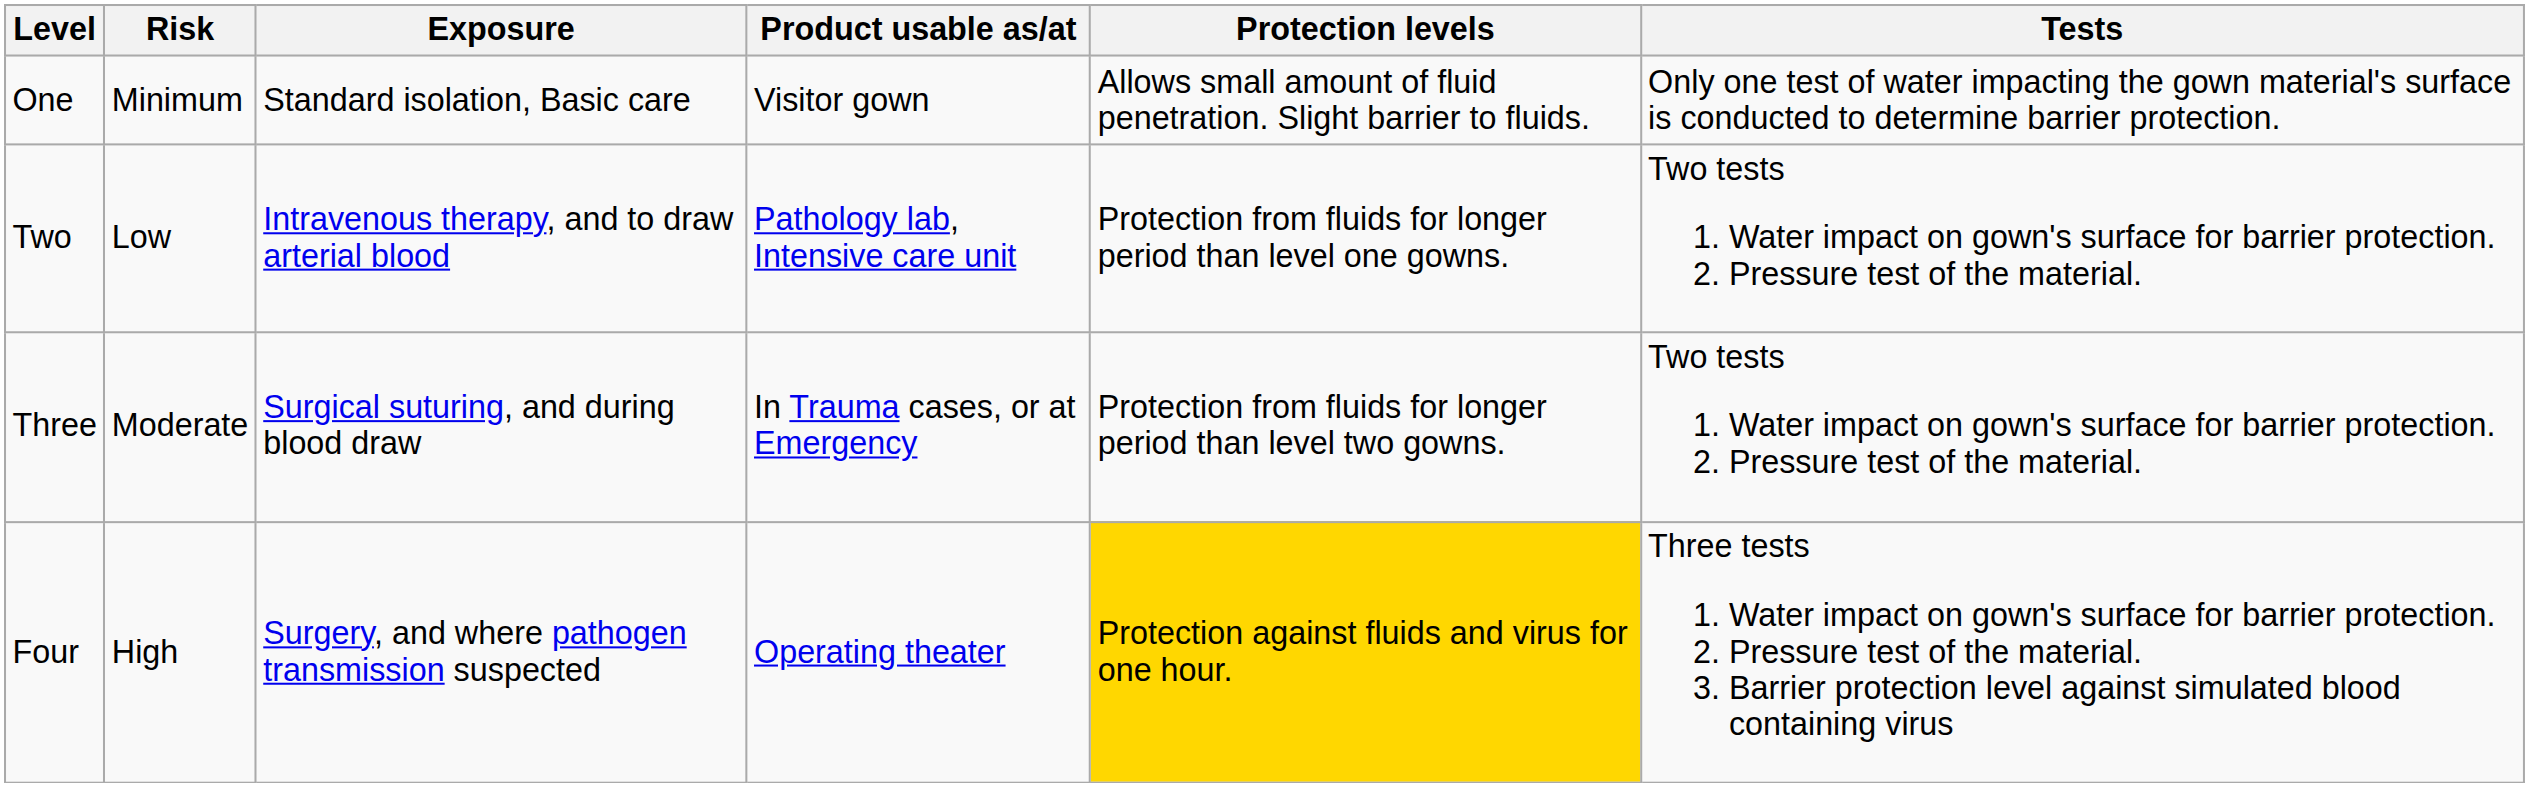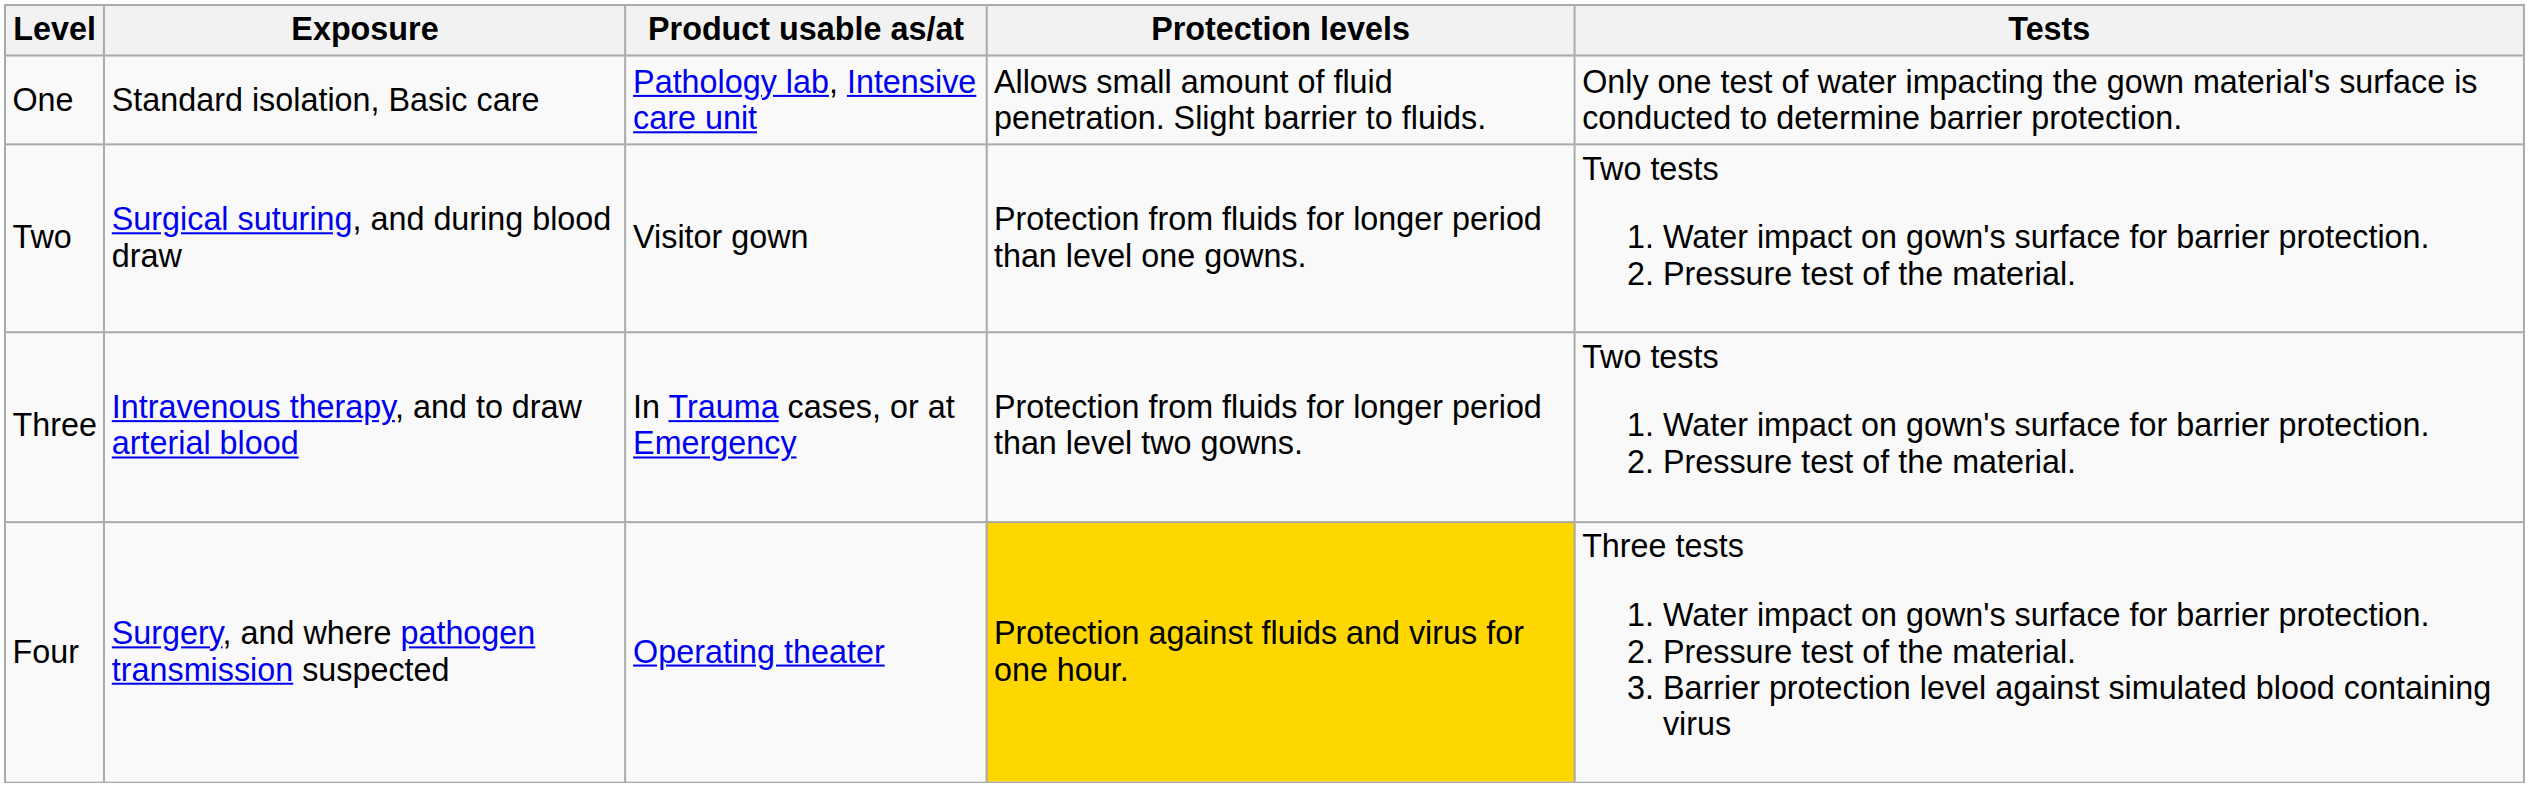 <table class="wikitable">
 <tr>
 <th>Level</th>
-<th>Risk</th>
 <th>Exposure</th>
 <th>Product usable as/at</th>
 <th>Protection levels</th>
 <th>Tests</th>
 </tr>
 <tr>
 <td>One</td>
-<td>Minimum</td>
 <td>Standard isolation, Basic care</td>
-<td>Visitor gown</td>
+<td><a href='#'>Pathology lab</a>, <a href='#'>Intensive care unit</a></td>
 <td>Allows small amount of fluid penetration. Slight barrier to fluids.</td>
 <td>Only one test of water impacting the gown material's surface is conducted to determine barrier protection.</td>
 </tr>
 <tr>
 <td>Two</td>
-<td>Low</td>
-<td><a href='#'>Intravenous therapy</a>, and to draw <a href='#'>arterial blood</a></td>
-<td><a href='#'>Pathology lab</a>, <a href='#'>Intensive care unit</a></td>
+<td><a href='#'>Surgical suturing</a>, and during blood draw</td>
+<td>Visitor gown</td>
 <td>Protection from fluids for longer period than level one gowns.</td>
 <td>Two tests<br><ol><li>Water impact on gown's surface for barrier protection.</li><li>Pressure test of the material.</li></ol></td>
 </tr>
 <tr>
 <td>Three</td>
-<td>Moderate</td>
-<td><a href='#'>Surgical suturing</a>, and during blood draw</td>
+<td><a href='#'>Intravenous therapy</a>, and to draw <a href='#'>arterial blood</a></td>
 <td>In <a href='#'>Trauma</a> cases, or at <a href='#'>Emergency</a></td>
 <td>Protection from fluids for longer period than level two gowns.</td>
 <td>Two tests<br><ol><li>Water impact on gown's surface for barrier protection.</li><li>Pressure test of the material.</li></ol></td>
 </tr>
 <tr>
 <td>Four</td>
-<td>High</td>
 <td><a href='#'>Surgery</a>, and where <a href='#'>pathogen transmission</a> suspected</td>
 <td><a href='#'>Operating theater</a></td>
 <td style="background: gold;">Protection against fluids and virus for one hour.</td>
 <td>Three tests<br><ol><li>Water impact on gown's surface for barrier protection.</li><li>Pressure test of the material.</li><li>Barrier protection level against simulated blood containing virus</li></ol></td>
 </tr>
 </table>
